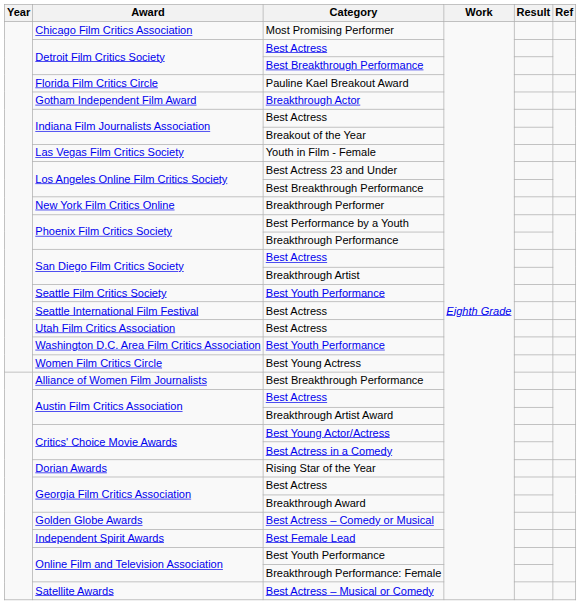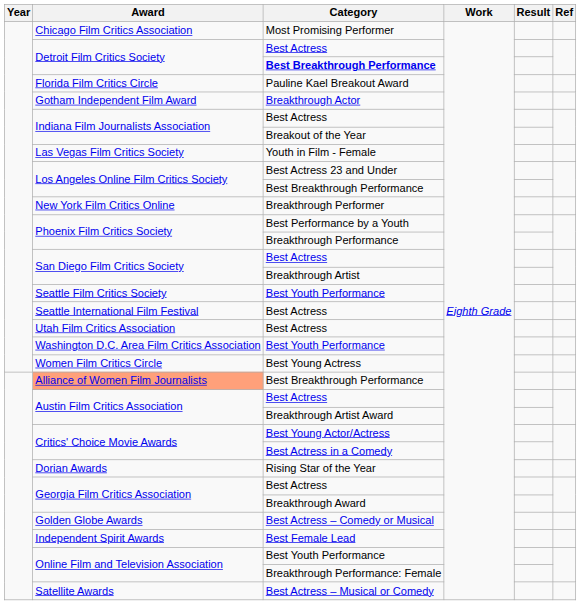 <table class="wikitable sortable">
 <tr>
 <th>Year</th>
 <th>Award</th>
 <th>Category</th>
 <th>Work</th>
 <th>Result</th>
 <th>Ref</th>
 </tr>
 <tr>
 <td rowspan="20"></td>
 <td><a href='#'>Chicago Film Critics Association</a></td>
 <td>Most Promising Performer</td>
 <td rowspan=33><em><a href='#'>Eighth Grade</a></em></td>
 <td></td>
 <td style="text-align:center;"></td>
 </tr>
 <tr>
 <td rowspan=2><a href='#'>Detroit Film Critics Society</a></td>
 <td><a href='#'>Best Actress</a></td>
 <td></td>
 <td style="text-align:center;" rowspan="2"></td>
 </tr>
 <tr>
-<td><a href='#'>Best Breakthrough Performance</a></td>
+<td><strong><a href='#'>Best Breakthrough Performance</a></strong></td>
 <td></td>
 </tr>
 <tr>
 <td><a href='#'>Florida Film Critics Circle</a></td>
 <td>Pauline Kael Breakout Award</td>
 <td></td>
 <td style="text-align:center;"></td>
 </tr>
 <tr>
 <td><a href='#'>Gotham Independent Film Award</a></td>
 <td><a href='#'>Breakthrough Actor</a></td>
 <td></td>
 <td style="text-align:center;"></td>
 </tr>
 <tr>
 <td rowspan=2><a href='#'>Indiana Film Journalists Association</a></td>
 <td>Best Actress</td>
 <td></td>
 <td style="text-align:center;" rowspan="2"></td>
 </tr>
 <tr>
 <td>Breakout of the Year</td>
 <td></td>
 </tr>
 <tr>
 <td><a href='#'>Las Vegas Film Critics Society</a></td>
 <td>Youth in Film - Female</td>
 <td></td>
 <td style="text-align:center;"></td>
 </tr>
 <tr>
 <td rowspan=2><a href='#'>Los Angeles Online Film Critics Society</a></td>
 <td>Best Actress 23 and Under</td>
 <td></td>
 <td style="text-align:center;" rowspan="2"></td>
 </tr>
 <tr>
 <td>Best Breakthrough Performance</td>
 <td></td>
 </tr>
 <tr>
 <td><a href='#'>New York Film Critics Online</a></td>
 <td>Breakthrough Performer</td>
 <td></td>
 <td style="text-align:center;"></td>
 </tr>
 <tr>
 <td rowspan=2><a href='#'>Phoenix Film Critics Society</a></td>
 <td>Best Performance by a Youth</td>
 <td></td>
 <td style="text-align:center;" rowspan="2"></td>
 </tr>
 <tr>
 <td>Breakthrough Performance</td>
 <td></td>
 </tr>
 <tr>
 <td rowspan=2><a href='#'>San Diego Film Critics Society</a></td>
 <td><a href='#'>Best Actress</a></td>
 <td></td>
 <td style="text-align:center;" rowspan="2"></td>
 </tr>
 <tr>
 <td>Breakthrough Artist</td>
 <td></td>
 </tr>
 <tr>
 <td><a href='#'>Seattle Film Critics Society</a></td>
 <td><a href='#'>Best Youth Performance</a></td>
 <td></td>
 <td style="text-align:center;"></td>
 </tr>
 <tr>
 <td><a href='#'>Seattle International Film Festival</a></td>
 <td>Best Actress</td>
 <td></td>
 <td style="text-align:center;"></td>
 </tr>
 <tr>
 <td><a href='#'>Utah Film Critics Association</a></td>
 <td>Best Actress</td>
 <td></td>
 <td style="text-align:center;"></td>
 </tr>
 <tr>
 <td><a href='#'>Washington D.C. Area Film Critics Association</a></td>
 <td><a href='#'>Best Youth Performance</a></td>
 <td></td>
 <td style="text-align:center;"></td>
 </tr>
 <tr>
 <td><a href='#'>Women Film Critics Circle</a></td>
 <td>Best Young Actress</td>
 <td></td>
 <td style="text-align:center;"></td>
 </tr>
 <tr>
 <td rowspan="13"></td>
-<td><a href='#'>Alliance of Women Film Journalists</a></td>
+<td style="background: lightsalmon;"><a href='#'>Alliance of Women Film Journalists</a></td>
 <td>Best Breakthrough Performance</td>
 <td></td>
 <td style="text-align:center;"></td>
 </tr>
 <tr>
 <td rowspan=2><a href='#'>Austin Film Critics Association</a></td>
 <td><a href='#'>Best Actress</a></td>
 <td></td>
 <td style="text-align:center;" rowspan="2"></td>
 </tr>
 <tr>
 <td>Breakthrough Artist Award</td>
 <td></td>
 </tr>
 <tr>
 <td rowspan=2><a href='#'>Critics' Choice Movie Awards</a></td>
 <td><a href='#'>Best Young Actor/Actress</a></td>
 <td></td>
 <td style="text-align:center;" rowspan="2"></td>
 </tr>
 <tr>
 <td><a href='#'>Best Actress in a Comedy</a></td>
 <td></td>
 </tr>
 <tr>
 <td><a href='#'>Dorian Awards</a></td>
 <td>Rising Star of the Year</td>
 <td></td>
 <td style="text-align:center;"></td>
 </tr>
 <tr>
 <td rowspan=2><a href='#'>Georgia Film Critics Association</a></td>
 <td>Best Actress</td>
 <td></td>
 <td style="text-align:center;" rowspan="2"></td>
 </tr>
 <tr>
 <td>Breakthrough Award</td>
 <td></td>
 </tr>
 <tr>
 <td><a href='#'>Golden Globe Awards</a></td>
 <td><a href='#'>Best Actress – Comedy or Musical</a></td>
 <td></td>
 <td style="text-align:center;"></td>
 </tr>
 <tr>
 <td><a href='#'>Independent Spirit Awards</a></td>
 <td><a href='#'>Best Female Lead</a></td>
 <td></td>
 <td style="text-align:center;"></td>
 </tr>
 <tr>
 <td rowspan=2><a href='#'>Online Film and Television Association</a></td>
 <td>Best Youth Performance</td>
 <td></td>
 <td style="text-align:center;" rowspan="2"></td>
 </tr>
 <tr>
 <td>Breakthrough Performance: Female</td>
 <td></td>
 </tr>
 <tr>
 <td><a href='#'>Satellite Awards</a></td>
 <td><a href='#'>Best Actress – Musical or Comedy</a></td>
 <td></td>
 <td style="text-align:center;"></td>
 </tr>
 </table>
